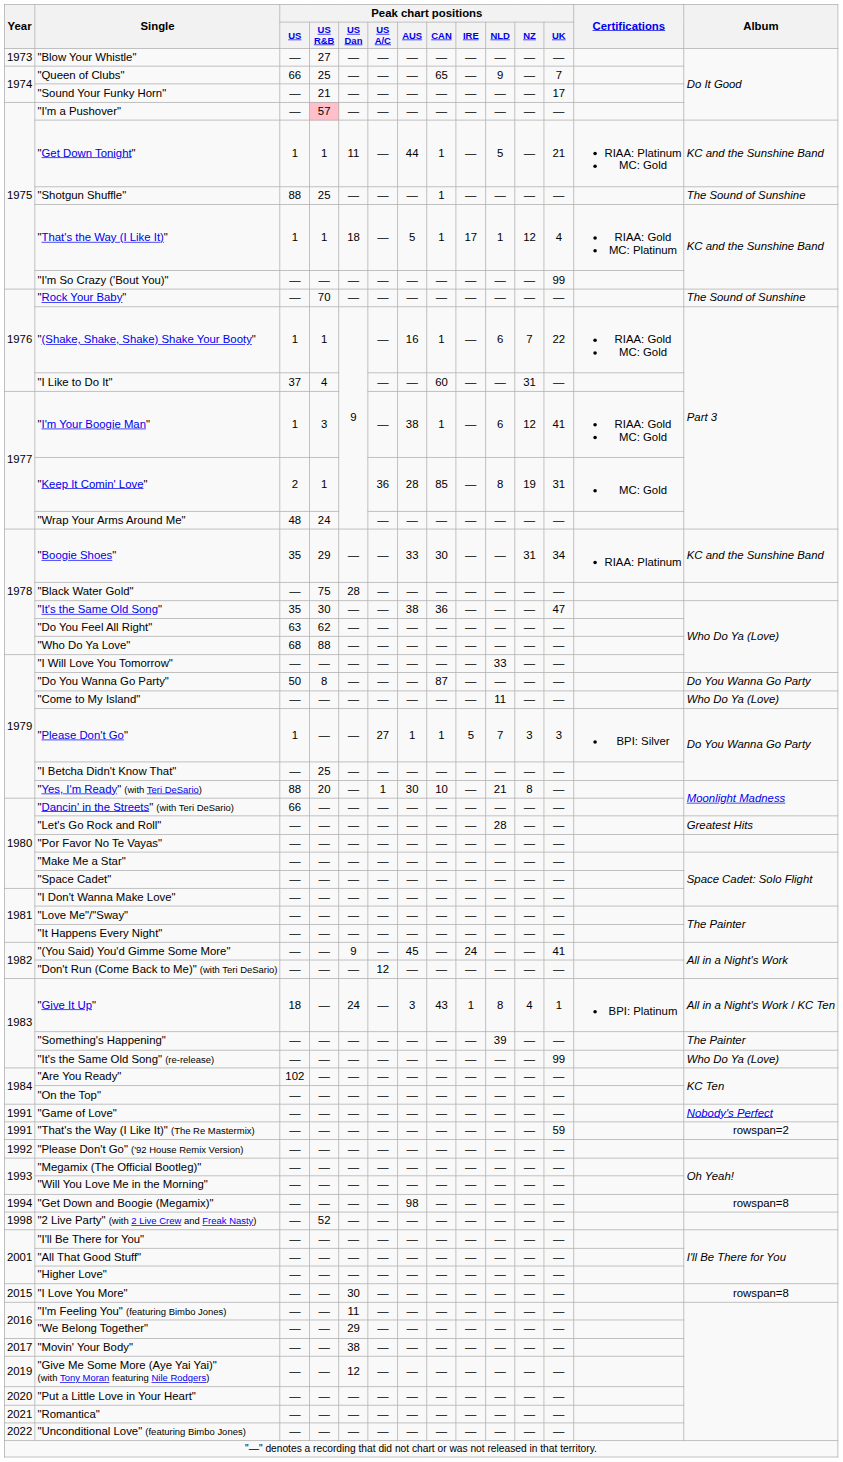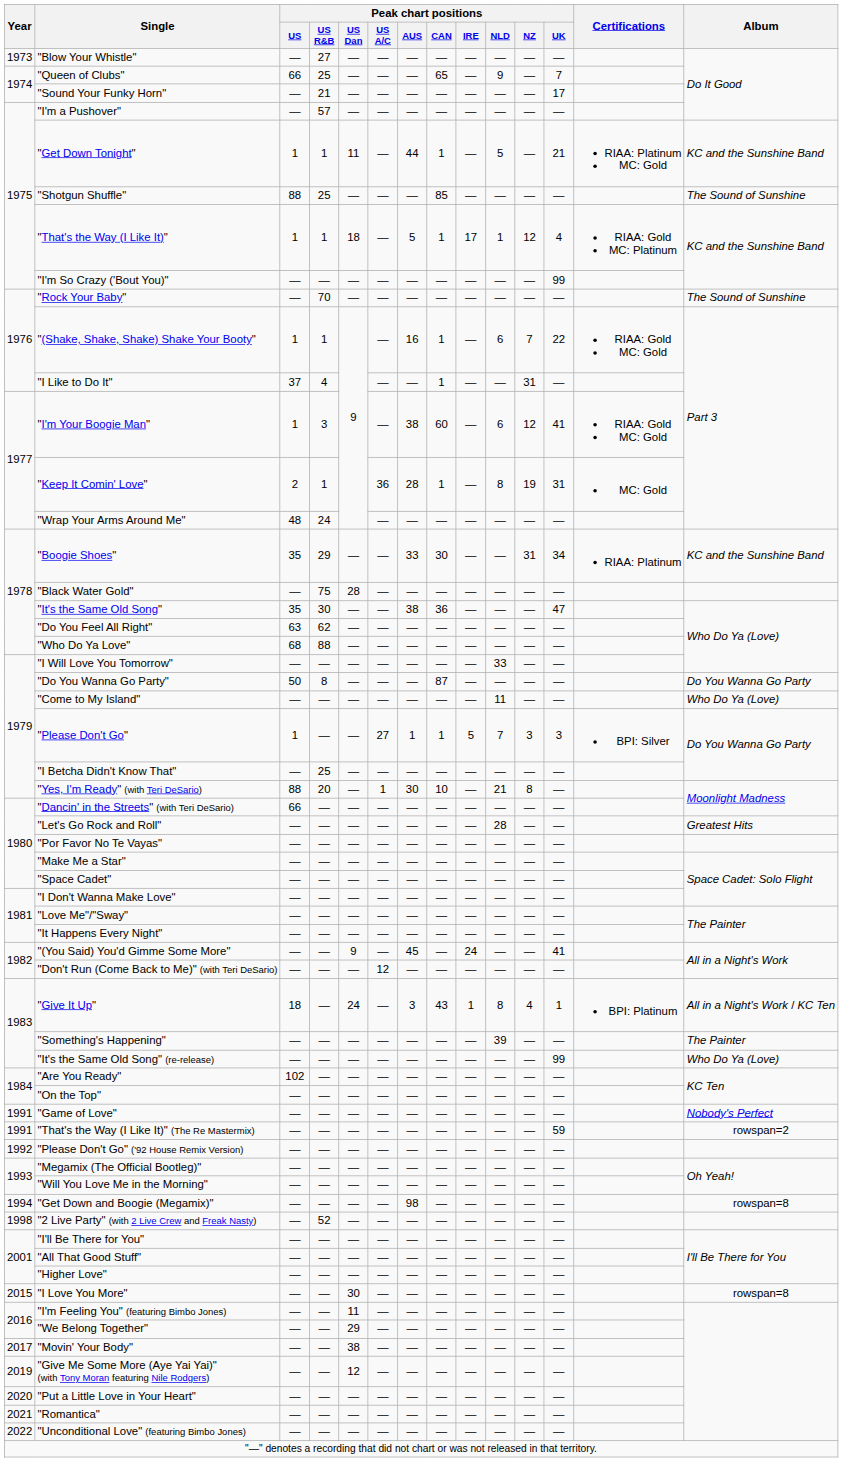 <table class="wikitable" style="text-align:center;">
 <tr>
 <th rowspan="2">Year</th>
 <th rowspan="2">Single</th>
 <th colspan="10">Peak chart positions</th>
 <th rowspan="2"><a href='#'>Certifications</a></th>
 <th rowspan="2">Album</th>
 </tr>
 <tr style="font-size:smaller;">
 <th width="35"><a href='#'>US</a><br></th>
 <th width="35"><a href='#'>US R&B</a><br></th>
 <th width="35"><a href='#'>US Dan</a><br></th>
 <th width="35"><a href='#'>US A/C</a><br></th>
 <th width="35"><a href='#'>AUS</a><br></th>
 <th width="35"><a href='#'>CAN</a><br></th>
 <th width="35"><a href='#'>IRE</a><br></th>
 <th width="35"><a href='#'>NLD</a><br></th>
 <th width="35"><a href='#'>NZ</a><br></th>
 <th width="35"><a href='#'>UK</a><br></th>
 </tr>
 <tr>
 <td>1973</td>
 <td align="left">"Blow Your Whistle"</td>
 <td>—</td>
 <td>27</td>
 <td>—</td>
 <td>—</td>
 <td>—</td>
 <td>—</td>
 <td>—</td>
 <td>—</td>
 <td>—</td>
 <td>—</td>
 <td></td>
 <td align=left rowspan=4><em>Do It Good</em></td>
 </tr>
 <tr>
 <td rowspan="2">1974</td>
 <td align="left">"Queen of Clubs"</td>
 <td>66</td>
 <td>25</td>
 <td>—</td>
 <td>—</td>
 <td>—</td>
 <td>65</td>
 <td>—</td>
 <td>9</td>
 <td>—</td>
 <td>7</td>
 <td></td>
 </tr>
 <tr>
 <td align="left">"Sound Your Funky Horn"</td>
 <td>—</td>
 <td>21</td>
 <td>—</td>
 <td>—</td>
 <td>—</td>
 <td>—</td>
 <td>—</td>
 <td>—</td>
 <td>—</td>
 <td>17</td>
 <td></td>
 </tr>
 <tr>
 <td rowspan="5">1975</td>
 <td align="left">"I'm a Pushover"</td>
 <td>—</td>
-<td style="background: pink;">57</td>
+<td>57</td>
 <td>—</td>
 <td>—</td>
 <td>—</td>
 <td>—</td>
 <td>—</td>
 <td>—</td>
 <td>—</td>
 <td>—</td>
 <td></td>
 </tr>
 <tr>
 <td align="left">"<a href='#'>Get Down Tonight</a>"</td>
 <td>1</td>
 <td>1</td>
 <td>11</td>
 <td>—</td>
 <td>44</td>
 <td>1</td>
 <td>—</td>
 <td>5</td>
 <td>—</td>
 <td>21</td>
 <td><br><ul><li>RIAA: Platinum</li><li>MC: Gold</li></ul></td>
 <td align=left><em>KC and the Sunshine Band</em></td>
 </tr>
 <tr>
 <td align="left">"Shotgun Shuffle"</td>
 <td>88</td>
 <td>25</td>
 <td>—</td>
 <td>—</td>
 <td>—</td>
-<td>1</td>
+<td>85</td>
 <td>—</td>
 <td>—</td>
 <td>—</td>
 <td>—</td>
 <td></td>
 <td align=left><em>The Sound of Sunshine</em></td>
 </tr>
 <tr>
 <td align="left">"<a href='#'>That's the Way (I Like It)</a>"</td>
 <td>1</td>
 <td>1</td>
 <td>18</td>
 <td>—</td>
 <td>5</td>
 <td>1</td>
 <td>17</td>
 <td>1</td>
 <td>12</td>
 <td>4</td>
 <td><br><ul><li>RIAA: Gold</li><li>MC: Platinum</li></ul></td>
 <td align=left rowspan=2><em>KC and the Sunshine Band</em></td>
 </tr>
 <tr>
 <td align="left">"I'm So Crazy ('Bout You)"</td>
 <td>—</td>
 <td>—</td>
 <td>—</td>
 <td>—</td>
 <td>—</td>
 <td>—</td>
 <td>—</td>
 <td>—</td>
 <td>—</td>
 <td>99</td>
 <td></td>
 </tr>
 <tr>
 <td rowspan="3">1976</td>
 <td align="left">"<a href='#'>Rock Your Baby</a>"</td>
 <td>—</td>
 <td>70</td>
 <td>—</td>
 <td>—</td>
 <td>—</td>
 <td>—</td>
 <td>—</td>
 <td>—</td>
 <td>—</td>
 <td>—</td>
 <td></td>
 <td align=left><em>The Sound of Sunshine</em></td>
 </tr>
 <tr>
 <td align="left">"<a href='#'>(Shake, Shake, Shake) Shake Your Booty</a>"</td>
 <td>1</td>
 <td>1</td>
 <td rowspan="5">9</td>
 <td>—</td>
 <td>16</td>
 <td>1</td>
 <td>—</td>
 <td>6</td>
 <td>7</td>
 <td>22</td>
 <td><br><ul><li>RIAA: Gold</li><li>MC: Gold</li></ul></td>
 <td align=left rowspan=5><em>Part 3</em></td>
 </tr>
 <tr>
 <td align="left">"I Like to Do It"</td>
 <td>37</td>
 <td>4</td>
 <td>—</td>
 <td>—</td>
-<td>60</td>
+<td>1</td>
 <td>—</td>
 <td>—</td>
 <td>31</td>
 <td>—</td>
 <td></td>
 </tr>
 <tr>
 <td rowspan="3">1977</td>
 <td align="left">"<a href='#'>I'm Your Boogie Man</a>"</td>
 <td>1</td>
 <td>3</td>
 <td>—</td>
 <td>38</td>
-<td>1</td>
+<td>60</td>
 <td>—</td>
 <td>6</td>
 <td>12</td>
 <td>41</td>
 <td><br><ul><li>RIAA: Gold</li><li>MC: Gold</li></ul></td>
 </tr>
 <tr>
 <td align="left">"<a href='#'>Keep It Comin' Love</a>"</td>
 <td>2</td>
 <td>1</td>
 <td>36</td>
 <td>28</td>
-<td>85</td>
+<td>1</td>
 <td>—</td>
 <td>8</td>
 <td>19</td>
 <td>31</td>
 <td><br><ul><li>MC: Gold</li></ul></td>
 </tr>
 <tr>
 <td align="left">"Wrap Your Arms Around Me"</td>
 <td>48</td>
 <td>24</td>
 <td>—</td>
 <td>—</td>
 <td>—</td>
 <td>—</td>
 <td>—</td>
 <td>—</td>
 <td>—</td>
 <td></td>
 </tr>
 <tr>
 <td rowspan="5">1978</td>
 <td align="left">"<a href='#'>Boogie Shoes</a>"</td>
 <td>35</td>
 <td>29</td>
 <td>—</td>
 <td>—</td>
 <td>33</td>
 <td>30</td>
 <td>—</td>
 <td>—</td>
 <td>31</td>
 <td>34</td>
 <td><br><ul><li>RIAA: Platinum</li></ul></td>
 <td align=left><em>KC and the Sunshine Band</em></td>
 </tr>
 <tr>
 <td align="left">"Black Water Gold"</td>
 <td>—</td>
 <td>75</td>
 <td>28</td>
 <td>—</td>
 <td>—</td>
 <td>—</td>
 <td>—</td>
 <td>—</td>
 <td>—</td>
 <td>—</td>
 <td></td>
 <td></td>
 </tr>
 <tr>
 <td align="left">"<a href='#'>It's the Same Old Song</a>"</td>
 <td>35</td>
 <td>30</td>
 <td>—</td>
 <td>—</td>
 <td>38</td>
 <td>36</td>
 <td>—</td>
 <td>—</td>
 <td>—</td>
 <td>47</td>
 <td></td>
 <td align=left rowspan=4><em>Who Do Ya (Love)</em></td>
 </tr>
 <tr>
 <td align="left">"Do You Feel All Right"</td>
 <td>63</td>
 <td>62</td>
 <td>—</td>
 <td>—</td>
 <td>—</td>
 <td>—</td>
 <td>—</td>
 <td>—</td>
 <td>—</td>
 <td>—</td>
 <td></td>
 </tr>
 <tr>
 <td align="left">"Who Do Ya Love"</td>
 <td>68</td>
 <td>88</td>
 <td>—</td>
 <td>—</td>
 <td>—</td>
 <td>—</td>
 <td>—</td>
 <td>—</td>
 <td>—</td>
 <td>—</td>
 <td></td>
 </tr>
 <tr>
 <td rowspan="6">1979</td>
 <td align="left">"I Will Love You Tomorrow"</td>
 <td>—</td>
 <td>—</td>
 <td>—</td>
 <td>—</td>
 <td>—</td>
 <td>—</td>
 <td>—</td>
 <td>33</td>
 <td>—</td>
 <td>—</td>
 <td></td>
 </tr>
 <tr>
 <td align="left">"Do You Wanna Go Party"</td>
 <td>50</td>
 <td>8</td>
 <td>—</td>
 <td>—</td>
 <td>—</td>
 <td>87</td>
 <td>—</td>
 <td>—</td>
 <td>—</td>
 <td>—</td>
 <td></td>
 <td align=left><em>Do You Wanna Go Party</em></td>
 </tr>
 <tr>
 <td align="left">"Come to My Island"</td>
 <td>—</td>
 <td>—</td>
 <td>—</td>
 <td>—</td>
 <td>—</td>
 <td>—</td>
 <td>—</td>
 <td>11</td>
 <td>—</td>
 <td>—</td>
 <td></td>
 <td align=left><em>Who Do Ya (Love)</em></td>
 </tr>
 <tr>
 <td align="left">"<a href='#'>Please Don't Go</a>"</td>
 <td>1</td>
 <td>—</td>
 <td>—</td>
 <td>27</td>
 <td>1</td>
 <td>1</td>
 <td>5</td>
 <td>7</td>
 <td>3</td>
 <td>3</td>
 <td><br><ul><li>BPI: Silver</li></ul></td>
 <td align=left rowspan=2><em>Do You Wanna Go Party</em></td>
 </tr>
 <tr>
 <td align="left">"I Betcha Didn't Know That"</td>
 <td>—</td>
 <td>25</td>
 <td>—</td>
 <td>—</td>
 <td>—</td>
 <td>—</td>
 <td>—</td>
 <td>—</td>
 <td>—</td>
 <td>—</td>
 <td></td>
 </tr>
 <tr>
 <td align="left">"<a href='#'>Yes, I'm Ready</a>" <small>(with <a href='#'>Teri DeSario</a>)</small></td>
 <td>88</td>
 <td>20</td>
 <td>—</td>
 <td>1</td>
 <td>30</td>
 <td>10</td>
 <td>—</td>
 <td>21</td>
 <td>8</td>
 <td>—</td>
 <td></td>
 <td align=left rowspan=2><em><a href='#'>Moonlight Madness</a></em></td>
 </tr>
 <tr>
 <td rowspan="5">1980</td>
 <td align="left">"<a href='#'>Dancin' in the Streets</a>" <small>(with Teri DeSario)</small></td>
 <td>66</td>
 <td>—</td>
 <td>—</td>
 <td>—</td>
 <td>—</td>
 <td>—</td>
 <td>—</td>
 <td>—</td>
 <td>—</td>
 <td>—</td>
 <td></td>
 </tr>
 <tr>
 <td align="left">"Let's Go Rock and Roll"</td>
 <td>—</td>
 <td>—</td>
 <td>—</td>
 <td>—</td>
 <td>—</td>
 <td>—</td>
 <td>—</td>
 <td>28</td>
 <td>—</td>
 <td>—</td>
 <td></td>
 <td align=left><em>Greatest Hits</em></td>
 </tr>
 <tr>
 <td align="left">"Por Favor No Te Vayas"</td>
 <td>—</td>
 <td>—</td>
 <td>—</td>
 <td>—</td>
 <td>—</td>
 <td>—</td>
 <td>—</td>
 <td>—</td>
 <td>—</td>
 <td>—</td>
 <td></td>
 <td></td>
 </tr>
 <tr>
 <td align="left">"Make Me a Star"</td>
 <td>—</td>
 <td>—</td>
 <td>—</td>
 <td>—</td>
 <td>—</td>
 <td>—</td>
 <td>—</td>
 <td>—</td>
 <td>—</td>
 <td>—</td>
 <td></td>
 <td align=left rowspan=3><em>Space Cadet: Solo Flight</em></td>
 </tr>
 <tr>
 <td align="left">"Space Cadet"</td>
 <td>—</td>
 <td>—</td>
 <td>—</td>
 <td>—</td>
 <td>—</td>
 <td>—</td>
 <td>—</td>
 <td>—</td>
 <td>—</td>
 <td>—</td>
 <td></td>
 </tr>
 <tr>
 <td rowspan="3">1981</td>
 <td align="left">"I Don't Wanna Make Love"</td>
 <td>—</td>
 <td>—</td>
 <td>—</td>
 <td>—</td>
 <td>—</td>
 <td>—</td>
 <td>—</td>
 <td>—</td>
 <td>—</td>
 <td>—</td>
 <td></td>
 </tr>
 <tr>
 <td align="left">"Love Me"/"Sway"</td>
 <td>—</td>
 <td>—</td>
 <td>—</td>
 <td>—</td>
 <td>—</td>
 <td>—</td>
 <td>—</td>
 <td>—</td>
 <td>—</td>
 <td>—</td>
 <td></td>
 <td align=left rowspan=2><em>The Painter</em></td>
 </tr>
 <tr>
 <td align="left">"It Happens Every Night"</td>
 <td>—</td>
 <td>—</td>
 <td>—</td>
 <td>—</td>
 <td>—</td>
 <td>—</td>
 <td>—</td>
 <td>—</td>
 <td>—</td>
 <td>—</td>
 <td></td>
 </tr>
 <tr>
 <td rowspan="2">1982</td>
 <td align="left">"(You Said) You'd Gimme Some More"</td>
 <td>—</td>
 <td>—</td>
 <td>9</td>
 <td>—</td>
 <td>45</td>
 <td>—</td>
 <td>24</td>
 <td>—</td>
 <td>—</td>
 <td>41</td>
 <td></td>
 <td align=left rowspan=2><em>All in a Night's Work</em></td>
 </tr>
 <tr>
 <td align="left">"Don't Run (Come Back to Me)" <small>(with Teri DeSario)</small></td>
 <td>—</td>
 <td>—</td>
 <td>—</td>
 <td>12</td>
 <td>—</td>
 <td>—</td>
 <td>—</td>
 <td>—</td>
 <td>—</td>
 <td>—</td>
 <td></td>
 </tr>
 <tr>
 <td rowspan="3">1983</td>
 <td align="left">"<a href='#'>Give It Up</a>"</td>
 <td>18</td>
 <td>—</td>
 <td>24</td>
 <td>—</td>
 <td>3</td>
 <td>43</td>
 <td>1</td>
 <td>8</td>
 <td>4</td>
 <td>1</td>
 <td><br><ul><li>BPI: Platinum</li></ul></td>
 <td align=left><em>All in a Night's Work</em> / <em>KC Ten</em></td>
 </tr>
 <tr>
 <td align="left">"Something's Happening"</td>
 <td>—</td>
 <td>—</td>
 <td>—</td>
 <td>—</td>
 <td>—</td>
 <td>—</td>
 <td>—</td>
 <td>39</td>
 <td>—</td>
 <td>—</td>
 <td></td>
 <td align=left><em>The Painter</em></td>
 </tr>
 <tr>
 <td align="left">"It's the Same Old Song" <small>(re-release)</small></td>
 <td>—</td>
 <td>—</td>
 <td>—</td>
 <td>—</td>
 <td>—</td>
 <td>—</td>
 <td>—</td>
 <td>—</td>
 <td>—</td>
 <td>99</td>
 <td></td>
 <td align=left><em>Who Do Ya (Love)</em></td>
 </tr>
 <tr>
 <td rowspan="2">1984</td>
 <td align="left">"Are You Ready"</td>
 <td>102</td>
 <td>—</td>
 <td>—</td>
 <td>—</td>
 <td>—</td>
 <td>—</td>
 <td>—</td>
 <td>—</td>
 <td>—</td>
 <td>—</td>
 <td></td>
 <td align=left rowspan=2><em>KC Ten</em></td>
 </tr>
 <tr>
 <td align="left">"On the Top"</td>
 <td>—</td>
 <td>—</td>
 <td>—</td>
 <td>—</td>
 <td>—</td>
 <td>—</td>
 <td>—</td>
 <td>—</td>
 <td>—</td>
 <td>—</td>
 <td></td>
 </tr>
 <tr>
 <td>1991</td>
 <td align="left">"Game of Love"</td>
 <td>—</td>
 <td>—</td>
 <td>—</td>
 <td>—</td>
 <td>—</td>
 <td>—</td>
 <td>—</td>
 <td>—</td>
 <td>—</td>
 <td>—</td>
 <td></td>
 <td align=left><em><a href='#'>Nobody's Perfect</a></em></td>
 </tr>
 <tr>
 <td>1991</td>
 <td align="left">"That's the Way (I Like It)" <small>(The Re Mastermix)</small></td>
 <td>—</td>
 <td>—</td>
 <td>—</td>
 <td>—</td>
 <td>—</td>
 <td>—</td>
 <td>—</td>
 <td>—</td>
 <td>—</td>
 <td>59</td>
 <td></td>
 <td>rowspan=2 </td>
 </tr>
 <tr>
 <td>1992</td>
 <td align="left">"Please Don't Go" <small>('92 House Remix Version)</small></td>
 <td>—</td>
 <td>—</td>
 <td>—</td>
 <td>—</td>
 <td>—</td>
 <td>—</td>
 <td>—</td>
 <td>—</td>
 <td>—</td>
 <td>—</td>
 <td></td>
 </tr>
 <tr>
 <td rowspan="2">1993</td>
 <td align="left">"Megamix (The Official Bootleg)"</td>
 <td>—</td>
 <td>—</td>
 <td>—</td>
 <td>—</td>
 <td>—</td>
 <td>—</td>
 <td>—</td>
 <td>—</td>
 <td>—</td>
 <td>—</td>
 <td></td>
 <td align=left rowspan=2><em>Oh Yeah!</em></td>
 </tr>
 <tr>
 <td align="left">"Will You Love Me in the Morning"</td>
 <td>—</td>
 <td>—</td>
 <td>—</td>
 <td>—</td>
 <td>—</td>
 <td>—</td>
 <td>—</td>
 <td>—</td>
 <td>—</td>
 <td>—</td>
 <td></td>
 </tr>
 <tr>
 <td>1994</td>
 <td align="left">"Get Down and Boogie (Megamix)"</td>
 <td>—</td>
 <td>—</td>
 <td>—</td>
 <td>—</td>
 <td>98</td>
 <td>—</td>
 <td>—</td>
 <td>—</td>
 <td>—</td>
 <td>—</td>
 <td></td>
 <td>rowspan=8 </td>
 </tr>
 <tr>
 <td>1998</td>
 <td align="left">"2 Live Party" <small>(with <a href='#'>2 Live Crew</a> and <a href='#'>Freak Nasty</a>)</small></td>
 <td>—</td>
 <td>52</td>
 <td>—</td>
 <td>—</td>
 <td>—</td>
 <td>—</td>
 <td>—</td>
 <td>—</td>
 <td>—</td>
 <td>—</td>
 <td></td>
 </tr>
 <tr>
 <td rowspan="3">2001</td>
 <td align="left">"I'll Be There for You"</td>
 <td>—</td>
 <td>—</td>
 <td>—</td>
 <td>—</td>
 <td>—</td>
 <td>—</td>
 <td>—</td>
 <td>—</td>
 <td>—</td>
 <td>—</td>
 <td></td>
 <td align=left rowspan=3><em>I'll Be There for You</em></td>
 </tr>
 <tr>
 <td align="left">"All That Good Stuff"</td>
 <td>—</td>
 <td>—</td>
 <td>—</td>
 <td>—</td>
 <td>—</td>
 <td>—</td>
 <td>—</td>
 <td>—</td>
 <td>—</td>
 <td>—</td>
 <td></td>
 </tr>
 <tr>
 <td align="left">"Higher Love"</td>
 <td>—</td>
 <td>—</td>
 <td>—</td>
 <td>—</td>
 <td>—</td>
 <td>—</td>
 <td>—</td>
 <td>—</td>
 <td>—</td>
 <td>—</td>
 <td></td>
 </tr>
 <tr>
 <td>2015</td>
 <td align="left">"I Love You More"</td>
 <td>—</td>
 <td>—</td>
 <td>30</td>
 <td>—</td>
 <td>—</td>
 <td>—</td>
 <td>—</td>
 <td>—</td>
 <td>—</td>
 <td>—</td>
 <td></td>
 <td>rowspan=8 </td>
 </tr>
 <tr>
 <td rowspan="2">2016</td>
 <td align="left">"I'm Feeling You" <small>(featuring Bimbo Jones)</small></td>
 <td>—</td>
 <td>—</td>
 <td>11</td>
 <td>—</td>
 <td>—</td>
 <td>—</td>
 <td>—</td>
 <td>—</td>
 <td>—</td>
 <td>—</td>
 <td></td>
 </tr>
 <tr>
 <td align="left">"We Belong Together"</td>
 <td>—</td>
 <td>—</td>
 <td>29</td>
 <td>—</td>
 <td>—</td>
 <td>—</td>
 <td>—</td>
 <td>—</td>
 <td>—</td>
 <td>—</td>
 <td></td>
 </tr>
 <tr>
 <td>2017</td>
 <td align="left">"Movin' Your Body"</td>
 <td>—</td>
 <td>—</td>
 <td>38</td>
 <td>—</td>
 <td>—</td>
 <td>—</td>
 <td>—</td>
 <td>—</td>
 <td>—</td>
 <td>—</td>
 <td></td>
 </tr>
 <tr>
 <td>2019</td>
 <td align="left">"Give Me Some More (Aye Yai Yai)"<br><small>(with <a href='#'>Tony Moran</a> featuring <a href='#'>Nile Rodgers</a>)</small></td>
 <td>—</td>
 <td>—</td>
 <td>12</td>
 <td>—</td>
 <td>—</td>
 <td>—</td>
 <td>—</td>
 <td>—</td>
 <td>—</td>
 <td>—</td>
 <td></td>
 </tr>
 <tr>
 <td>2020</td>
 <td align="left">"Put a Little Love in Your Heart"</td>
 <td>—</td>
 <td>—</td>
 <td>—</td>
 <td>—</td>
 <td>—</td>
 <td>—</td>
 <td>—</td>
 <td>—</td>
 <td>—</td>
 <td>—</td>
 <td></td>
 </tr>
 <tr>
 <td>2021</td>
 <td align="left">"Romantica"</td>
 <td>—</td>
 <td>—</td>
 <td>—</td>
 <td>—</td>
 <td>—</td>
 <td>—</td>
 <td>—</td>
 <td>—</td>
 <td>—</td>
 <td>—</td>
 <td></td>
 </tr>
 <tr>
 <td>2022</td>
 <td align="left">"Unconditional Love" <small>(featuring Bimbo Jones)</small></td>
 <td>—</td>
 <td>—</td>
 <td>—</td>
 <td>—</td>
 <td>—</td>
 <td>—</td>
 <td>—</td>
 <td>—</td>
 <td>—</td>
 <td>—</td>
 <td></td>
 </tr>
 <tr>
 <td colspan="15" style="font-size:90%">"—" denotes a recording that did not chart or was not released in that territory.</td>
 </tr>
 </table>
